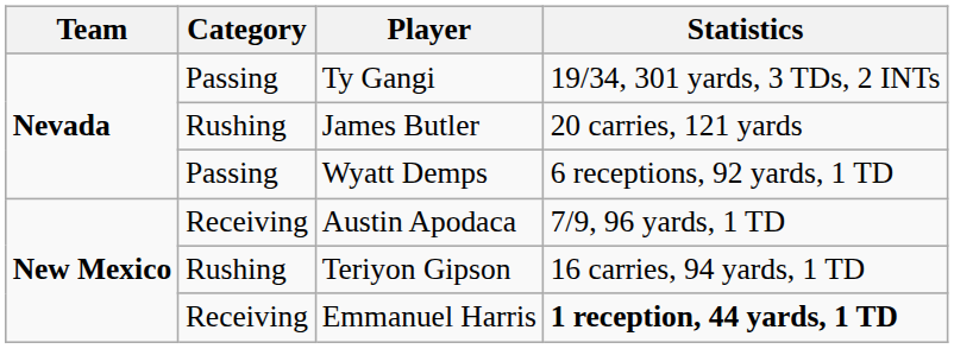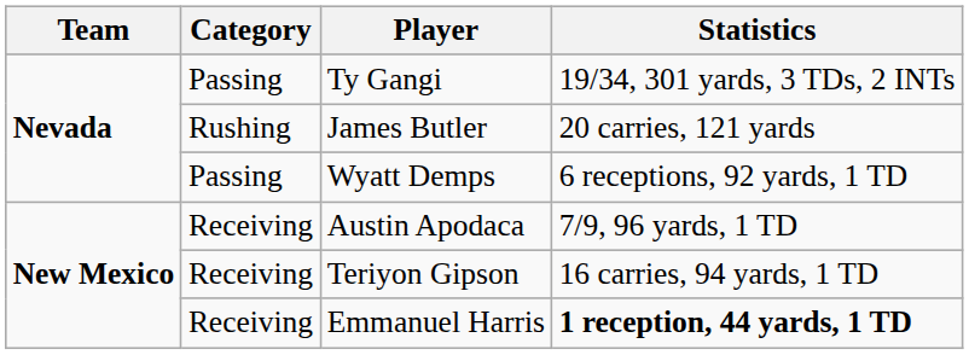 <table class="wikitable" style="float: left;">
 <tr>
 <th>Team</th>
 <th>Category</th>
 <th>Player</th>
 <th>Statistics</th>
 </tr>
 <tr>
 <td rowspan=3><strong>Nevada</strong></td>
 <td>Passing</td>
 <td>Ty Gangi</td>
 <td>19/34, 301 yards, 3 TDs, 2 INTs</td>
 </tr>
 <tr>
 <td>Rushing</td>
 <td>James Butler</td>
 <td>20 carries, 121 yards</td>
 </tr>
 <tr>
 <td>Passing</td>
 <td>Wyatt Demps</td>
 <td>6 receptions, 92 yards, 1 TD</td>
 </tr>
 <tr>
 <td rowspan=3><strong>New Mexico</strong></td>
 <td>Receiving</td>
 <td>Austin Apodaca</td>
 <td>7/9, 96 yards, 1 TD</td>
 </tr>
 <tr>
-<td>Rushing</td>
+<td>Receiving</td>
 <td>Teriyon Gipson</td>
 <td>16 carries, 94 yards, 1 TD</td>
 </tr>
 <tr>
 <td>Receiving</td>
 <td>Emmanuel Harris</td>
 <td><strong>1 reception, 44 yards, 1 TD</strong></td>
 </tr>
 </table>
